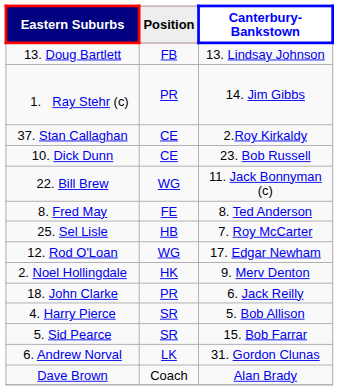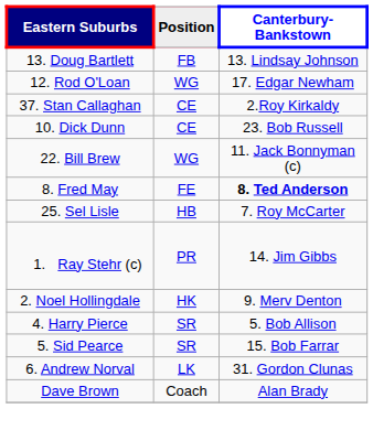 <table align="right" class="wikitable" style="font-size:90%; margin-left:1em">
 <tr bgcolor="#FF0033">
 <th style="width:140px; border:3px solid red; background: navy; color: white">Eastern Suburbs</th>
 <th style="width:40px; text-align:center; background:#eee; color:black;">Position</th>
 <th style="width:140px; border:3px solid blue; background: white; color: blue">Canterbury-Bankstown</th>
 </tr>
 <tr align=center>
 <td>13. <a href='#'>Doug Bartlett</a></td>
 <td><a href='#'>FB</a></td>
 <td>13. <a href='#'>Lindsay Johnson</a></td>
 </tr>
 <tr align=center>
-<td><br><ol><li><a href='#'>Ray Stehr</a> (c)</li></ol></td>
-<td><a href='#'>PR</a></td>
-<td>14. <a href='#'>Jim Gibbs</a></td>
+<td>12. <a href='#'>Rod O'Loan</a></td>
+<td><a href='#'>WG</a></td>
+<td>17. <a href='#'>Edgar Newham</a></td>
 </tr>
 <tr align=center>
 <td>37. <a href='#'>Stan Callaghan</a></td>
 <td><a href='#'>CE</a></td>
 <td>2.<a href='#'>Roy Kirkaldy</a></td>
 </tr>
 <tr align=center>
 <td>10. <a href='#'>Dick Dunn</a></td>
 <td><a href='#'>CE</a></td>
 <td>23. <a href='#'>Bob Russell</a></td>
 </tr>
 <tr align=center>
 <td>22. <a href='#'>Bill Brew</a></td>
 <td><a href='#'>WG</a></td>
 <td>11. <a href='#'>Jack Bonnyman</a> (c)</td>
 </tr>
 <tr align=center>
 <td>8. <a href='#'>Fred May</a></td>
 <td><a href='#'>FE</a></td>
-<td>8. <a href='#'>Ted Anderson</a></td>
+<td><strong>8. <a href='#'>Ted Anderson</a></strong></td>
 </tr>
 <tr align=center>
 <td>25. <a href='#'>Sel Lisle</a></td>
 <td><a href='#'>HB</a></td>
 <td>7. <a href='#'>Roy McCarter</a></td>
 </tr>
 <tr align=center>
-<td>12. <a href='#'>Rod O'Loan</a></td>
-<td><a href='#'>WG</a></td>
-<td>17. <a href='#'>Edgar Newham</a></td>
+<td><br><ol><li><a href='#'>Ray Stehr</a> (c)</li></ol></td>
+<td><a href='#'>PR</a></td>
+<td>14. <a href='#'>Jim Gibbs</a></td>
 </tr>
 <tr align=center>
 <td>2. <a href='#'>Noel Hollingdale</a></td>
 <td><a href='#'>HK</a></td>
 <td>9. <a href='#'>Merv Denton</a></td>
-</tr>
-<tr align=center>
-<td>18. <a href='#'>John Clarke</a></td>
-<td><a href='#'>PR</a></td>
-<td>6. <a href='#'>Jack Reilly</a></td>
 </tr>
 <tr align=center>
 <td>4. <a href='#'>Harry Pierce</a></td>
 <td><a href='#'>SR</a></td>
 <td>5. <a href='#'>Bob Allison</a></td>
 </tr>
 <tr align=center>
 <td>5. <a href='#'>Sid Pearce</a></td>
 <td><a href='#'>SR</a></td>
 <td>15. <a href='#'>Bob Farrar</a></td>
 </tr>
 <tr align=center>
 <td>6. <a href='#'>Andrew Norval</a></td>
 <td><a href='#'>LK</a></td>
 <td>31. <a href='#'>Gordon Clunas</a></td>
 </tr>
 <tr align=center>
 <td><a href='#'>Dave Brown</a></td>
 <td>Coach</td>
 <td><a href='#'>Alan Brady</a></td>
 </tr>
 <tr>
 </tr>
 </table>
